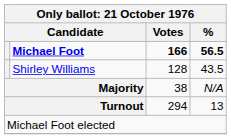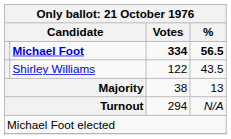 <table class=wikitable style="font-size:95%;">
 <tr>
 <th colspan="4">Only ballot: 21 October 1976</th>
 </tr>
 <tr>
 <th colspan="2" style="width: 170px">Candidate</th>
 <th style="width: 50px">Votes</th>
 <th style="width: 40px">%</th>
 </tr>
 <tr>
 <th style="background-color: "></th>
 <td style="width: 170px"><strong><a href='#'>Michael Foot</a></strong></td>
-<td align="right"><strong>166</strong></td>
+<td align="right"><strong>334</strong></td>
 <td align="right"><strong>56.5</strong></td>
 </tr>
 <tr>
 <th style="background-color: "></th>
 <td style="width: 170px"><a href='#'>Shirley Williams</a></td>
-<td align="right">128</td>
+<td align="right">122</td>
 <td align="right">43.5</td>
 </tr>
 <tr>
 <th colspan="2" style="text-align:right">Majority</th>
 <td align="right">38</td>
-<td align="right"><em>N/A</em></td>
+<td align="right">13</td>
 </tr>
 <tr>
 <th colspan="2" style="text-align:right">Turnout</th>
 <td align="right">294</td>
-<td align="right">13</td>
+<td align="right"><em>N/A</em></td>
 </tr>
 <tr>
 <td colspan="4">Michael Foot elected</td>
 </tr>
 <tr>
 </tr>
 </table>
